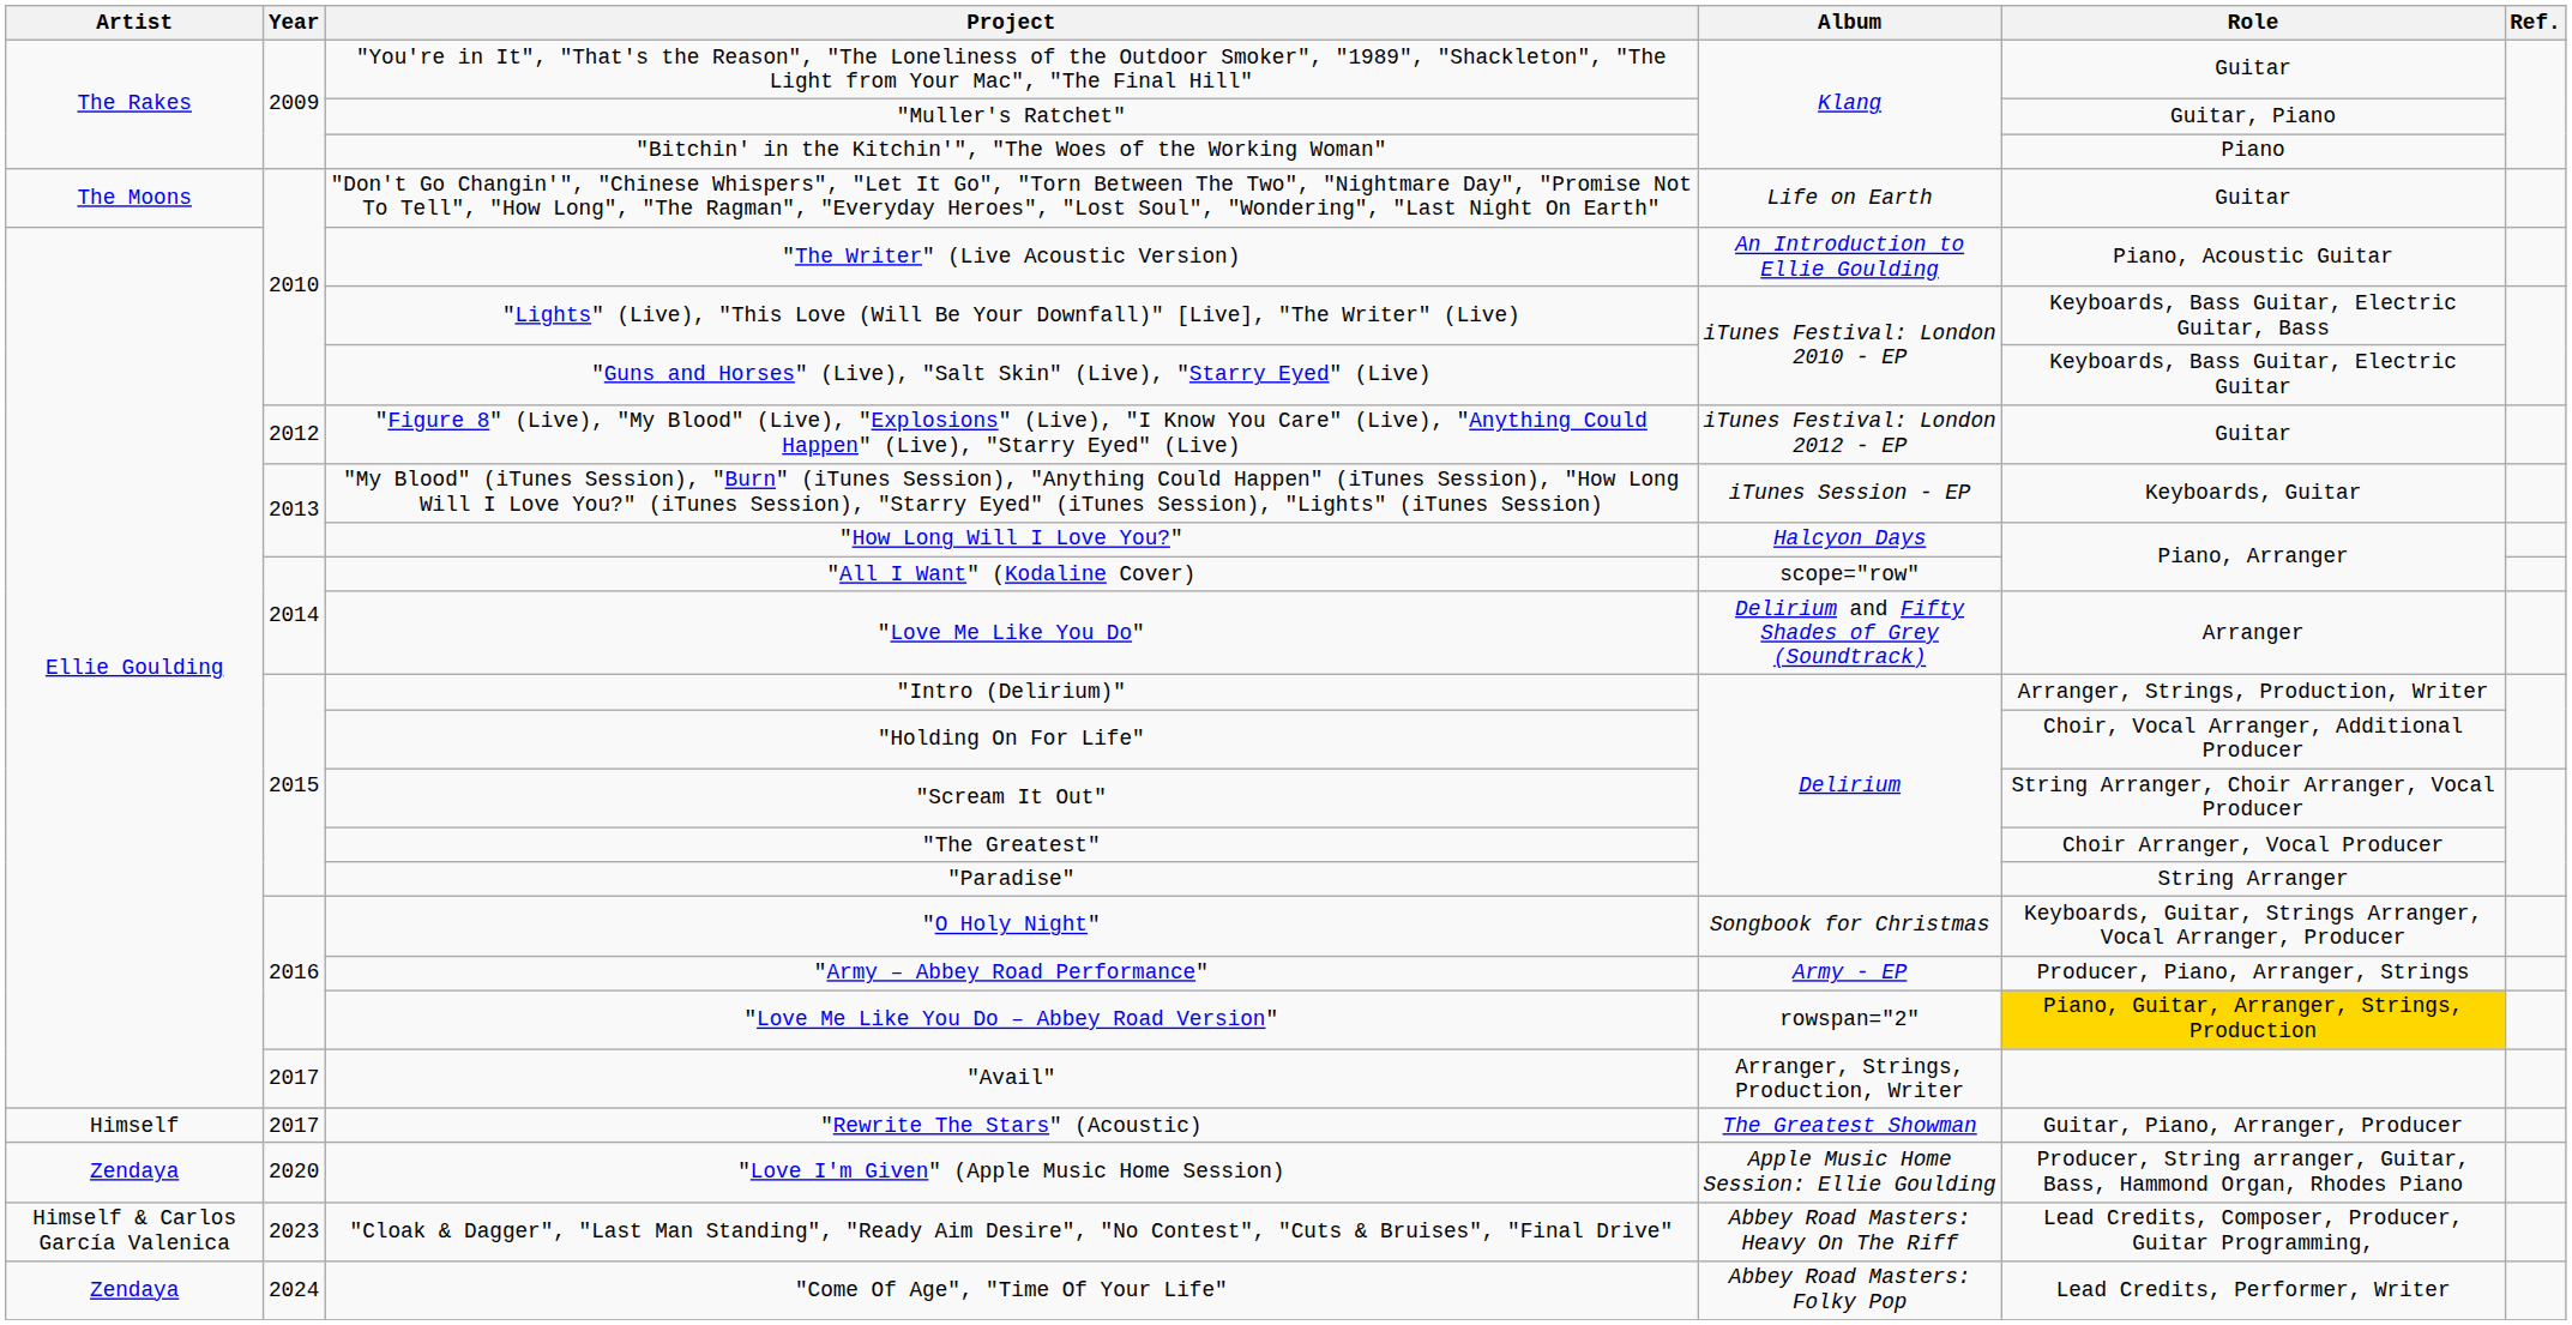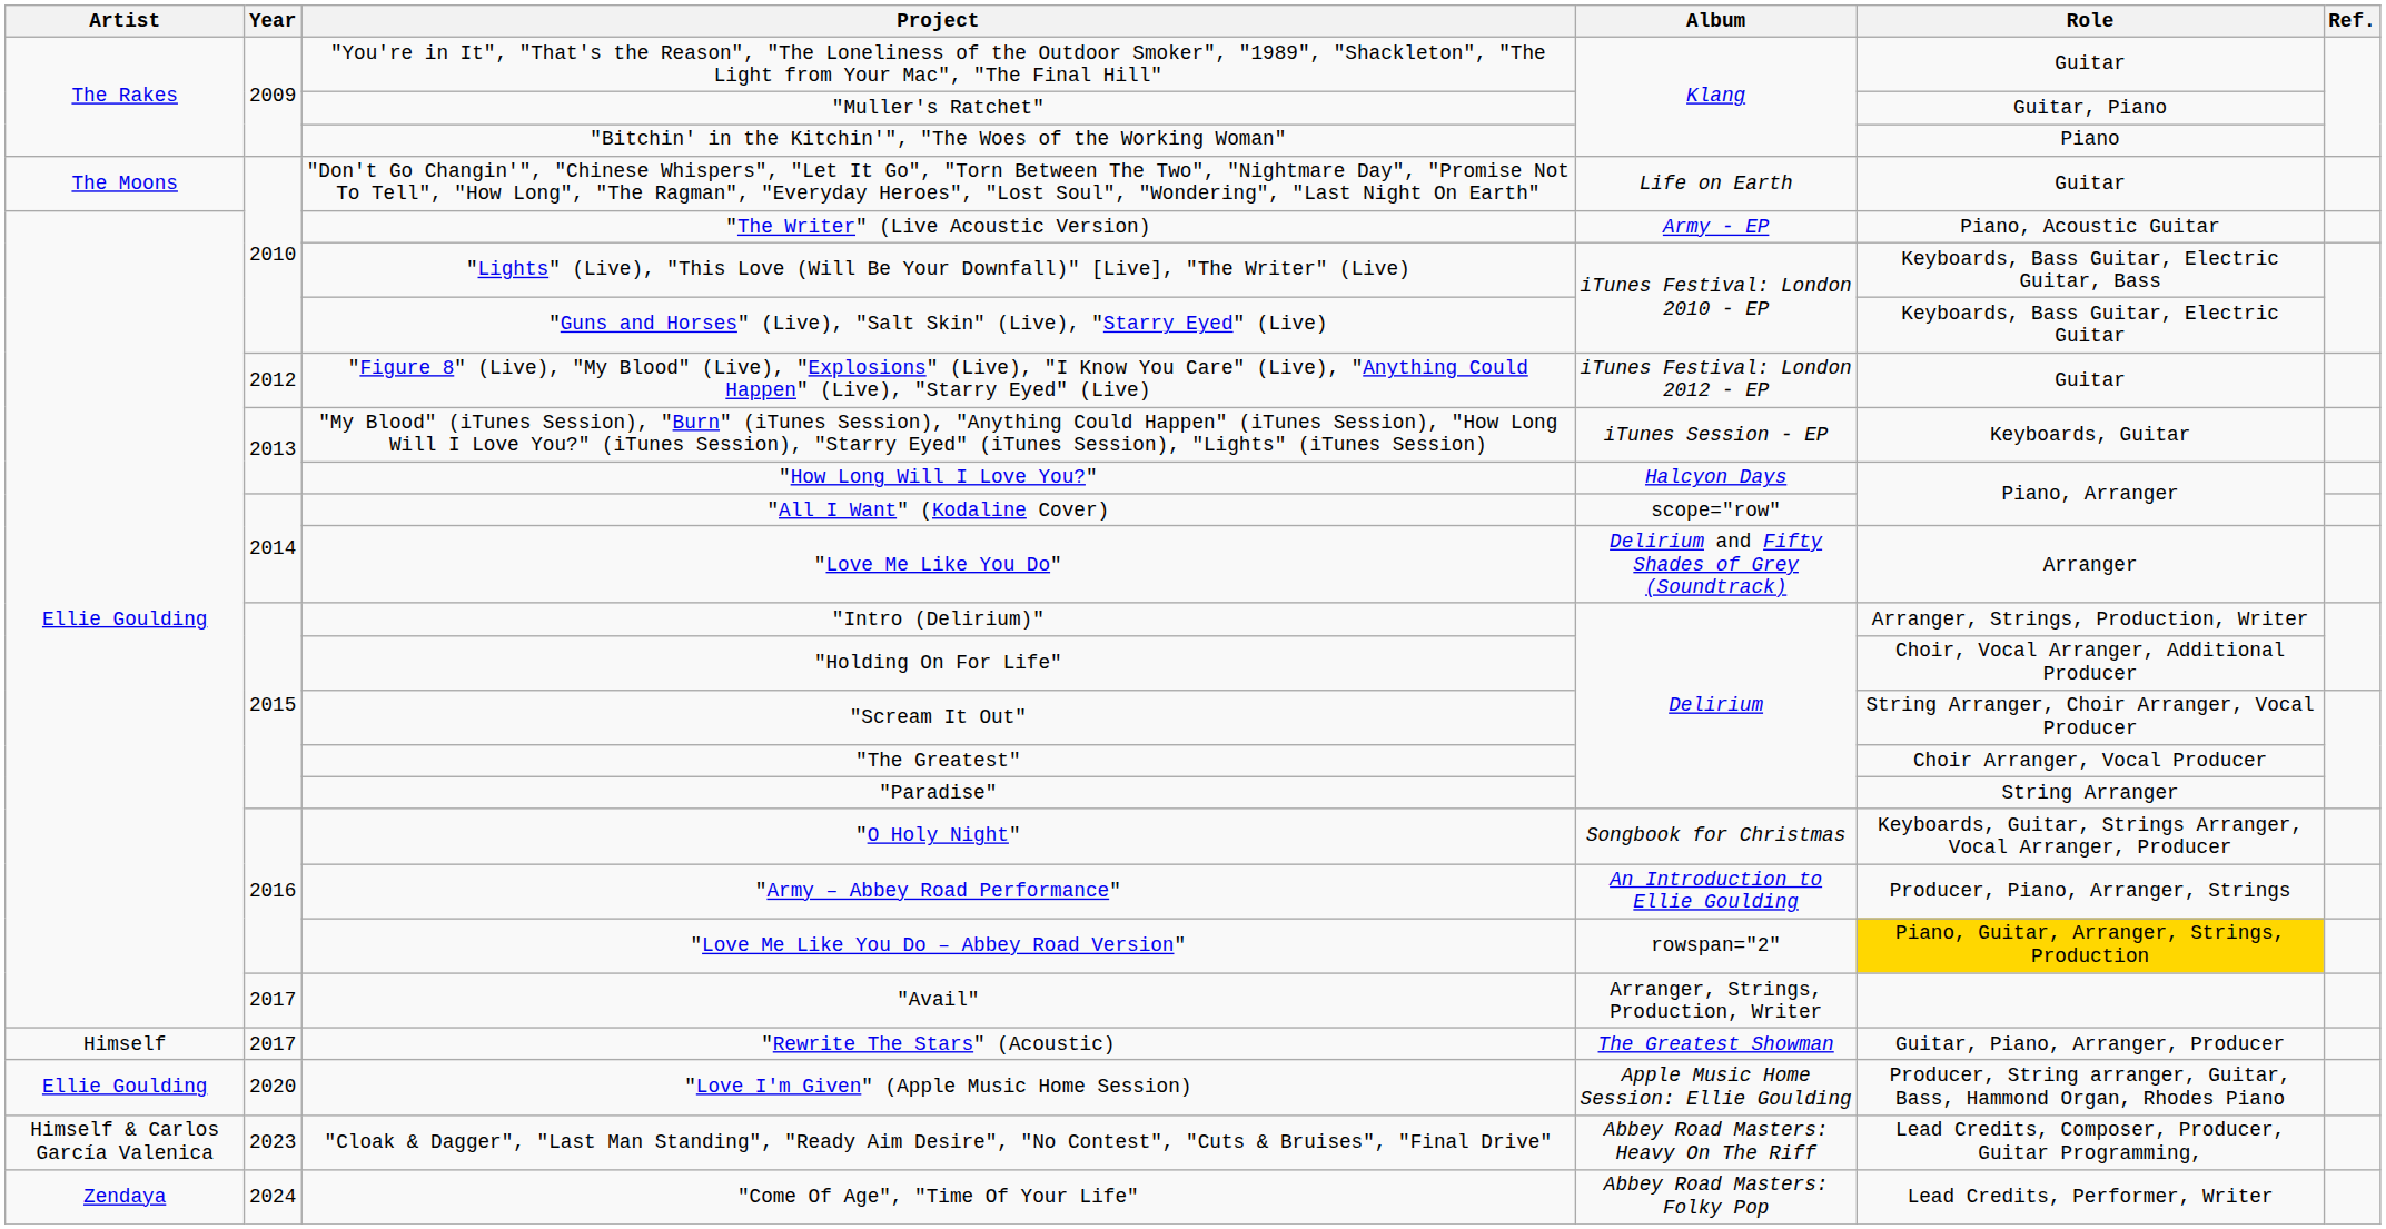 <table class="wikitable sortable plainrowheaders" style="text-align:center;">
 <tr>
 <th>Artist</th>
 <th>Year</th>
 <th scope="col">Project</th>
 <th scope="col" style="width:180px;">Album</th>
 <th>Role</th>
 <th scope="col">Ref.</th>
 </tr>
 <tr>
 <td rowspan="3"><a href='#'>The Rakes</a></td>
 <td rowspan="3">2009</td>
 <td>"You're in It", "That's the Reason", "The Loneliness of the Outdoor Smoker", "1989", "Shackleton", "The Light from Your Mac", "The Final Hill"</td>
 <td rowspan="3"><a href='#'><em>Klang</em></a></td>
 <td>Guitar</td>
 <td rowspan="3"></td>
 </tr>
 <tr>
 <td>"Muller's Ratchet"</td>
 <td>Guitar, Piano</td>
 </tr>
 <tr>
 <td>"Bitchin' in the Kitchin'", "The Woes of the Working Woman"</td>
 <td>Piano</td>
 </tr>
 <tr>
 <td><a href='#'>The Moons</a></td>
 <td rowspan="4">2010</td>
 <td>"Don't Go Changin'", "Chinese Whispers", "Let It Go", "Torn Between The Two", "Nightmare Day", "Promise Not To Tell", "How Long", "The Ragman", "Everyday Heroes", "Lost Soul", "Wondering", "Last Night On Earth"</td>
 <td><em>Life on Earth</em></td>
 <td>Guitar</td>
 <td></td>
 </tr>
 <tr>
 <td rowspan="17"><a href='#'>Ellie Goulding</a></td>
 <td>"<a href='#'>The Writer</a>" (Live Acoustic Version)</td>
-<td scope="row"><em><a href='#'>An Introduction to Ellie Goulding</a></em></td>
+<td scope="row"><em><a href='#'>Army - EP</a></em></td>
 <td>Piano, Acoustic Guitar</td>
 <td scope="row"></td>
 </tr>
 <tr>
 <td>"<a href='#'>Lights</a>" (Live), "This Love (Will Be Your Downfall)" [Live], "The Writer" (Live)</td>
 <td rowspan="2"><em>iTunes Festival: London 2010 - EP</em></td>
 <td>Keyboards, Bass Guitar, Electric Guitar, Bass</td>
 <td rowspan="2"></td>
 </tr>
 <tr>
 <td>"<a href='#'>Guns and Horses</a>" (Live), "Salt Skin" (Live), "<a href='#'>Starry Eyed</a>" (Live)</td>
 <td>Keyboards, Bass Guitar, Electric Guitar</td>
 </tr>
 <tr>
 <td>2012</td>
 <td>"<a href='#'>Figure 8</a>" (Live), "My Blood" (Live), "<a href='#'>Explosions</a>" (Live), "I Know You Care" (Live), "<a href='#'>Anything Could Happen</a>" (Live), "Starry Eyed" (Live)</td>
 <td><em>iTunes Festival: London 2012 - EP</em></td>
 <td>Guitar</td>
 <td></td>
 </tr>
 <tr>
 <td rowspan="2">2013</td>
 <td>"My Blood" (iTunes Session), "<a href='#'>Burn</a>" (iTunes Session), "Anything Could Happen" (iTunes Session), "How Long Will I Love You?" (iTunes Session), "Starry Eyed" (iTunes Session), "Lights" (iTunes Session)</td>
 <td scope="row"><em>iTunes Session - EP</em></td>
 <td>Keyboards, Guitar</td>
 <td scope="row"></td>
 </tr>
 <tr>
 <td>"<a href='#'>How Long Will I Love You?</a>"</td>
 <td scope="row"><a href='#'><em>Halcyon Days</em></a></td>
 <td rowspan="2">Piano, Arranger</td>
 <td scope="row"></td>
 </tr>
 <tr>
 <td rowspan="2">2014</td>
 <td>"<a href='#'>All I Want</a>" (<a href='#'>Kodaline</a> Cover)</td>
 <td>scope="row" </td>
 <td scope="row"></td>
 </tr>
 <tr>
 <td scope="row">"<a href='#'>Love Me Like You Do</a>"</td>
 <td scope="row"><em><a href='#'>Delirium</a></em> and <em><a href='#'>Fifty Shades of Grey (Soundtrack)</a></em></td>
 <td>Arranger</td>
 <td scope="row"></td>
 </tr>
 <tr>
 <td rowspan="5">2015</td>
 <td>"Intro (Delirium)"</td>
 <td rowspan="5"><a href='#'><em>Delirium</em></a></td>
 <td>Arranger, Strings, Production, Writer</td>
 <td rowspan="2"></td>
 </tr>
 <tr>
 <td>"Holding On For Life"</td>
 <td>Choir, Vocal Arranger, Additional Producer</td>
 </tr>
 <tr>
 <td>"Scream It Out"</td>
 <td>String Arranger, Choir Arranger, Vocal Producer</td>
 <td rowspan="3"></td>
 </tr>
 <tr>
 <td>"The Greatest"</td>
 <td>Choir Arranger, Vocal Producer</td>
 </tr>
 <tr>
 <td>"Paradise"</td>
 <td>String Arranger</td>
 </tr>
 <tr>
 <td rowspan="3">2016</td>
 <td>"<a href='#'>O Holy Night</a>"</td>
 <td scope="row"><em>Songbook for Christmas</em></td>
 <td>Keyboards, Guitar, Strings Arranger, Vocal Arranger, Producer</td>
 <td scope="row"></td>
 </tr>
 <tr>
 <td>"<a href='#'>Army – Abbey Road Performance</a>"</td>
-<td scope="row"><em><a href='#'>Army - EP</a></em></td>
+<td scope="row"><em><a href='#'>An Introduction to Ellie Goulding</a></em></td>
 <td>Producer, Piano, Arranger, Strings</td>
 <td scope="row"></td>
 </tr>
 <tr>
 <td>"<a href='#'>Love Me Like You Do – Abbey Road Version</a>"</td>
 <td>rowspan="2" </td>
 <td style="background: gold;">Piano, Guitar, Arranger, Strings, Production</td>
 <td></td>
 </tr>
 <tr>
 <td>2017</td>
 <td>"Avail"</td>
 <td>Arranger, Strings, Production, Writer</td>
 <td></td>
 </tr>
 <tr>
 <td>Himself</td>
 <td>2017</td>
 <td>"<a href='#'>Rewrite The Stars</a>" (Acoustic)</td>
 <td><em><a href='#'>The Greatest Showman</a></em></td>
 <td>Guitar, Piano, Arranger, Producer</td>
 <td></td>
 </tr>
 <tr>
-<td><a href='#'>Zendaya</a></td>
+<td><a href='#'>Ellie Goulding</a></td>
 <td>2020</td>
 <td>"<a href='#'>Love I'm Given</a>" (Apple Music Home Session)</td>
 <td scope="row"><em>Apple Music Home Session: Ellie Goulding</em></td>
 <td>Producer, String arranger, Guitar, Bass, Hammond Organ, Rhodes Piano</td>
 <td scope="row"></td>
 </tr>
 <tr>
 <td>Himself & Carlos García Valenica</td>
 <td>2023</td>
 <td>"Cloak & Dagger", "Last Man Standing", "Ready Aim Desire", "No Contest", "Cuts & Bruises", "Final Drive"</td>
 <td><em>Abbey Road Masters: Heavy On The Riff</em></td>
 <td>Lead Credits, Composer, Producer, Guitar Programming,</td>
 <td></td>
 </tr>
 <tr>
 <td><a href='#'>Zendaya</a></td>
 <td>2024</td>
 <td>"Come Of Age", "Time Of Your Life"</td>
 <td><em>Abbey Road Masters: Folky Pop</em></td>
 <td>Lead Credits, Performer, Writer</td>
 <td></td>
 </tr>
 </table>
